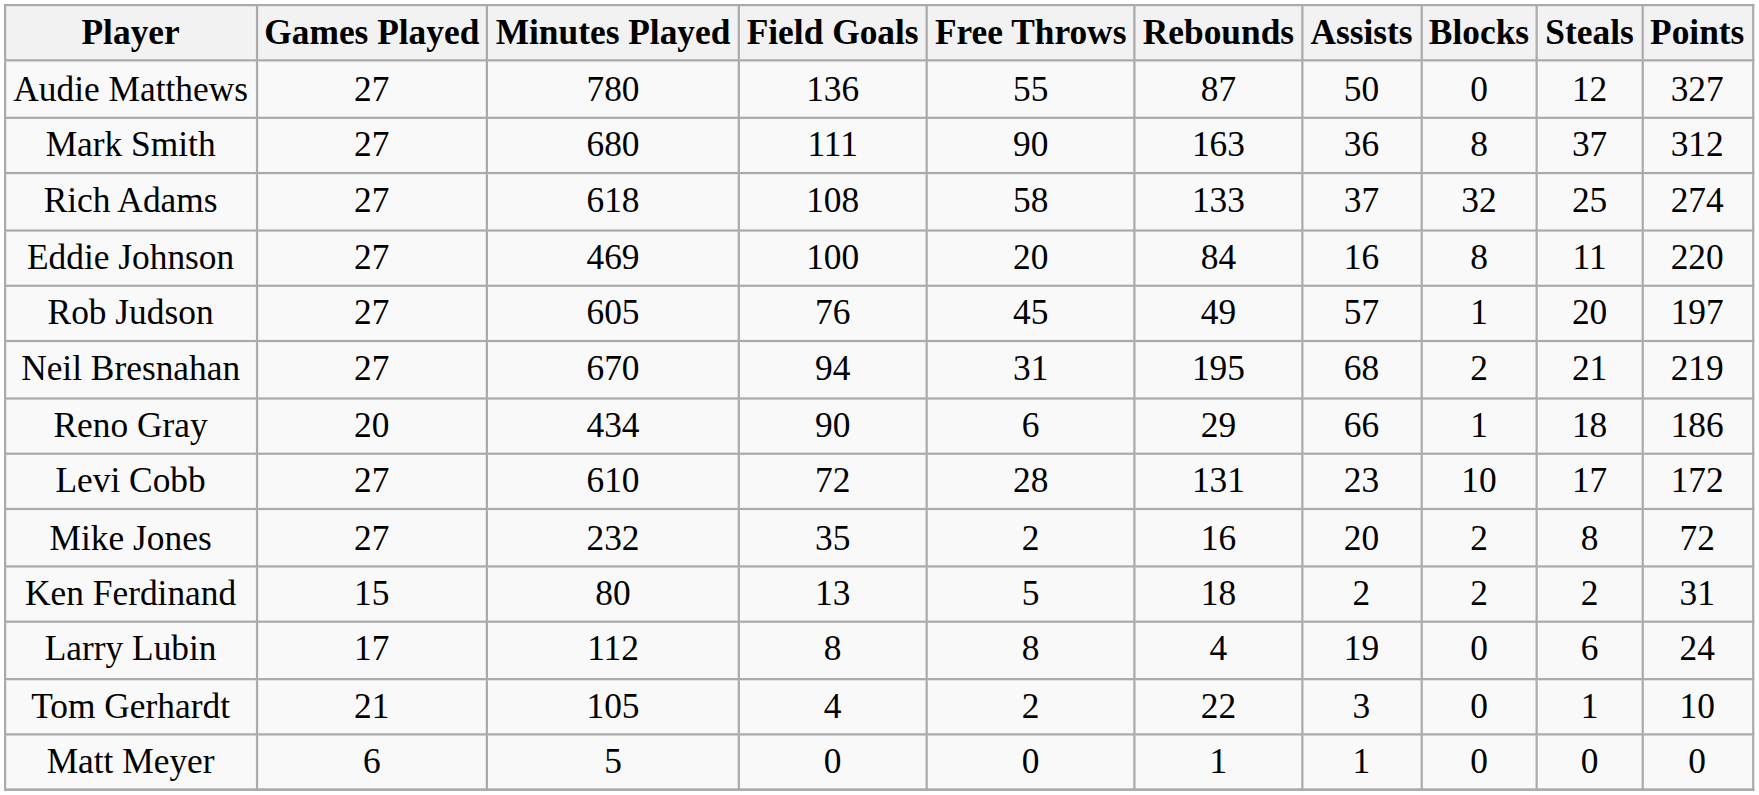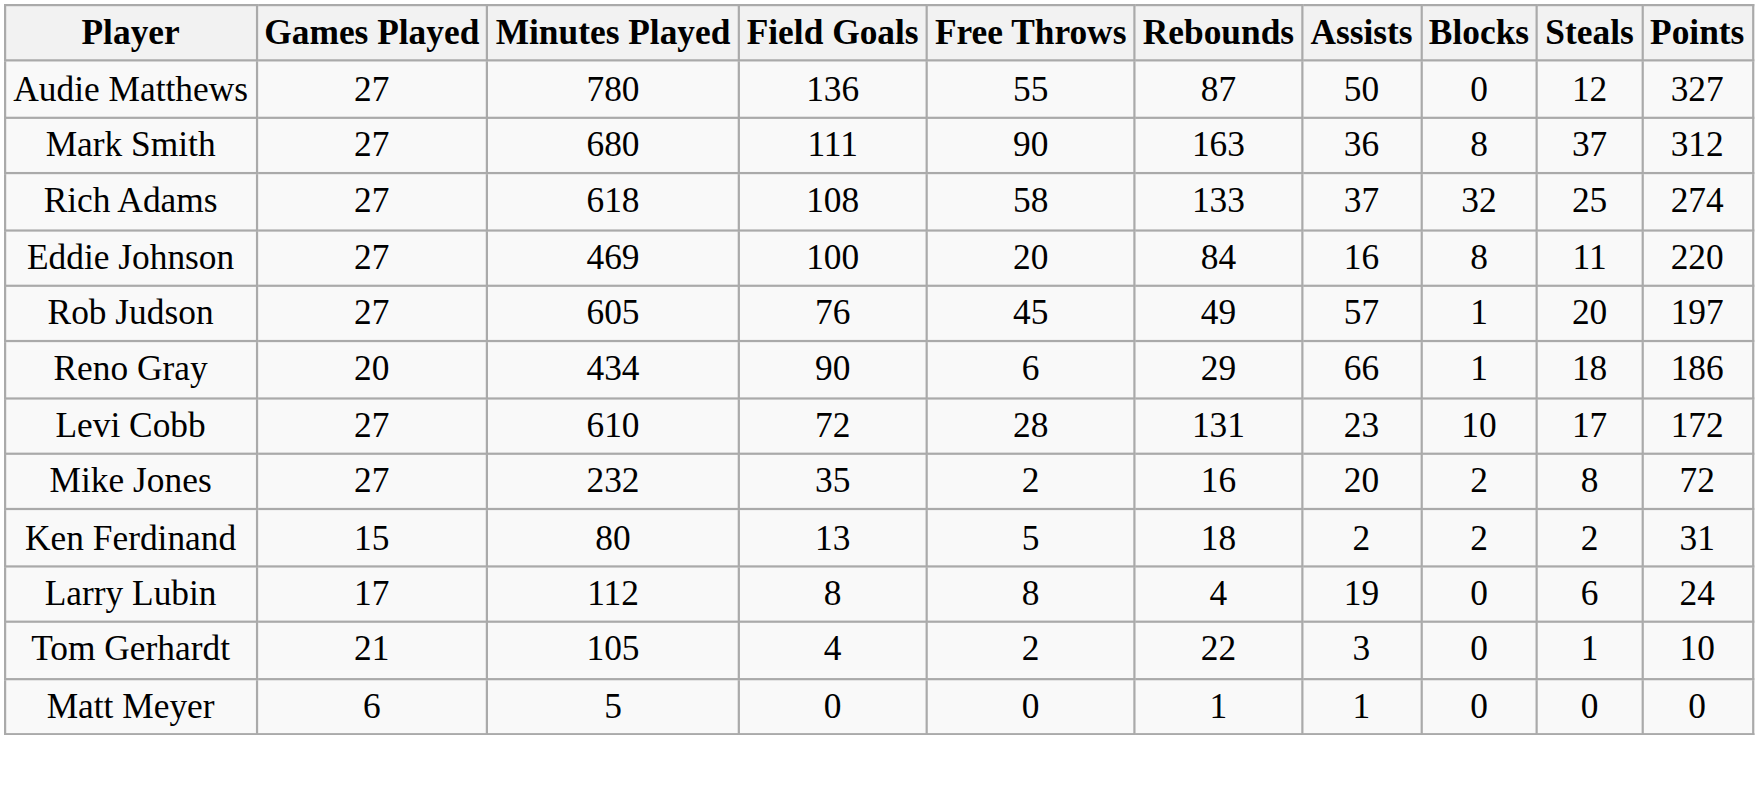 <table class="wikitable sortable">
 <tr>
 <th>Player</th>
 <th>Games Played</th>
 <th>Minutes Played</th>
 <th>Field Goals</th>
 <th>Free Throws</th>
 <th>Rebounds</th>
 <th>Assists</th>
 <th>Blocks</th>
 <th>Steals</th>
 <th>Points</th>
 </tr>
 <tr align="center" bgcolor="">
 <td>Audie Matthews</td>
 <td>27</td>
 <td>780</td>
 <td>136</td>
 <td>55</td>
 <td>87</td>
 <td>50</td>
 <td>0</td>
 <td>12</td>
 <td>327</td>
 </tr>
 <tr align="center" bgcolor="">
 <td>Mark Smith</td>
 <td>27</td>
 <td>680</td>
 <td>111</td>
 <td>90</td>
 <td>163</td>
 <td>36</td>
 <td>8</td>
 <td>37</td>
 <td>312</td>
 </tr>
 <tr align="center" bgcolor="">
 <td>Rich Adams</td>
 <td>27</td>
 <td>618</td>
 <td>108</td>
 <td>58</td>
 <td>133</td>
 <td>37</td>
 <td>32</td>
 <td>25</td>
 <td>274</td>
 </tr>
 <tr align="center" bgcolor="">
 <td>Eddie Johnson</td>
 <td>27</td>
 <td>469</td>
 <td>100</td>
 <td>20</td>
 <td>84</td>
 <td>16</td>
 <td>8</td>
 <td>11</td>
 <td>220</td>
 </tr>
 <tr align="center" bgcolor="">
 <td>Rob Judson</td>
 <td>27</td>
 <td>605</td>
 <td>76</td>
 <td>45</td>
 <td>49</td>
 <td>57</td>
 <td>1</td>
 <td>20</td>
 <td>197</td>
-</tr>
-<tr align="center" bgcolor="">
-<td>Neil Bresnahan</td>
-<td>27</td>
-<td>670</td>
-<td>94</td>
-<td>31</td>
-<td>195</td>
-<td>68</td>
-<td>2</td>
-<td>21</td>
-<td>219</td>
 </tr>
 <tr align="center" bgcolor="">
 <td>Reno Gray</td>
 <td>20</td>
 <td>434</td>
 <td>90</td>
 <td>6</td>
 <td>29</td>
 <td>66</td>
 <td>1</td>
 <td>18</td>
 <td>186</td>
 </tr>
 <tr align="center" bgcolor="">
 <td>Levi Cobb</td>
 <td>27</td>
 <td>610</td>
 <td>72</td>
 <td>28</td>
 <td>131</td>
 <td>23</td>
 <td>10</td>
 <td>17</td>
 <td>172</td>
 </tr>
 <tr align="center" bgcolor="">
 <td>Mike Jones</td>
 <td>27</td>
 <td>232</td>
 <td>35</td>
 <td>2</td>
 <td>16</td>
 <td>20</td>
 <td>2</td>
 <td>8</td>
 <td>72</td>
 </tr>
 <tr align="center" bgcolor="">
 <td>Ken Ferdinand</td>
 <td>15</td>
 <td>80</td>
 <td>13</td>
 <td>5</td>
 <td>18</td>
 <td>2</td>
 <td>2</td>
 <td>2</td>
 <td>31</td>
 </tr>
 <tr align="center" bgcolor="">
 <td>Larry Lubin</td>
 <td>17</td>
 <td>112</td>
 <td>8</td>
 <td>8</td>
 <td>4</td>
 <td>19</td>
 <td>0</td>
 <td>6</td>
 <td>24</td>
 </tr>
 <tr align="center" bgcolor="">
 <td>Tom Gerhardt</td>
 <td>21</td>
 <td>105</td>
 <td>4</td>
 <td>2</td>
 <td>22</td>
 <td>3</td>
 <td>0</td>
 <td>1</td>
 <td>10</td>
 </tr>
 <tr align="center" bgcolor="">
 <td>Matt Meyer</td>
 <td>6</td>
 <td>5</td>
 <td>0</td>
 <td>0</td>
 <td>1</td>
 <td>1</td>
 <td>0</td>
 <td>0</td>
 <td>0</td>
 </tr>
 <tr align="center" bgcolor="">
 </tr>
 </table>
